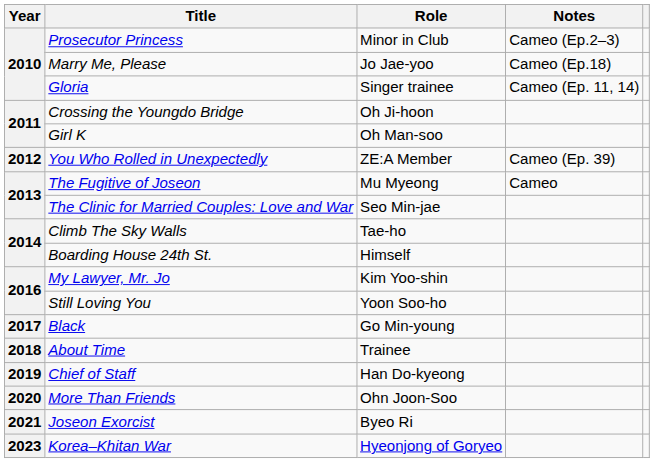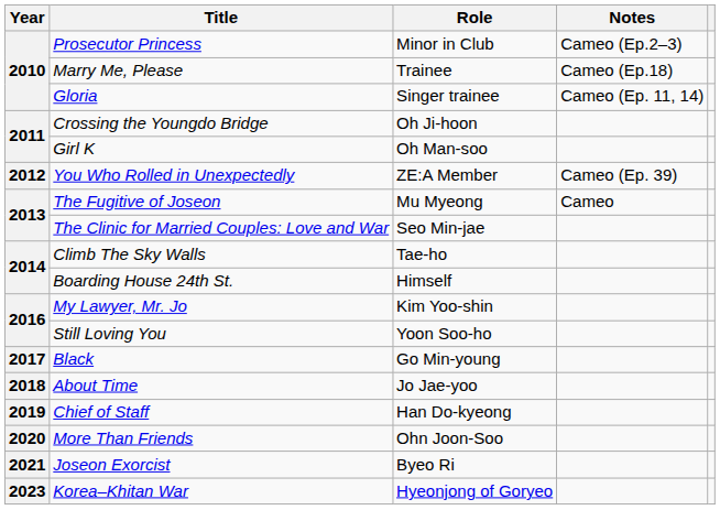 <table class="wikitable plainrowheaders sortable">
 <tr>
 <th scope="col">Year</th>
 <th scope="col">Title</th>
 <th scope="col">Role</th>
 <th scope="col">Notes</th>
 <th scope="col" class="unsortable"></th>
 </tr>
 <tr>
 <th scope="row" rowspan="3">2010</th>
 <td><em><a href='#'>Prosecutor Princess</a></em></td>
 <td>Minor in Club</td>
 <td>Cameo (Ep.2–3)</td>
 <td style="text-align:center"></td>
 </tr>
 <tr>
 <td><em>Marry Me, Please</em></td>
-<td>Jo Jae-yoo</td>
+<td>Trainee</td>
 <td>Cameo (Ep.18)</td>
 <td style="text-align:center"></td>
 </tr>
 <tr>
 <td><em><a href='#'>Gloria</a></em></td>
 <td>Singer trainee</td>
 <td>Cameo (Ep. 11, 14)</td>
 <td style="text-align:center"></td>
 </tr>
 <tr>
 <th scope="row"  rowspan="2">2011</th>
 <td><em>Crossing the Youngdo Bridge</em></td>
 <td>Oh Ji-hoon</td>
 <td></td>
 <td style="text-align:center"></td>
 </tr>
 <tr>
 <td><em>Girl K</em></td>
 <td>Oh Man-soo</td>
 <td></td>
 <td style="text-align:center"></td>
 </tr>
 <tr>
 <th scope="row">2012</th>
 <td><em><a href='#'>You Who Rolled in Unexpectedly</a></em></td>
 <td>ZE:A Member</td>
 <td>Cameo (Ep. 39)</td>
 <td style="text-align:center"></td>
 </tr>
 <tr>
 <th scope="row"  rowspan="2">2013</th>
 <td><em><a href='#'>The Fugitive of Joseon</a></em></td>
 <td>Mu Myeong</td>
 <td>Cameo</td>
 <td style="text-align:center"></td>
 </tr>
 <tr>
 <td><em><a href='#'>The Clinic for Married Couples: Love and War</a></em></td>
 <td>Seo Min-jae</td>
 <td></td>
 <td style="text-align:center"></td>
 </tr>
 <tr>
 <th scope="row" rowspan="2">2014</th>
 <td><em>Climb The Sky Walls</em></td>
 <td>Tae-ho</td>
 <td></td>
 <td style="text-align:center"></td>
 </tr>
 <tr>
 <td><em>Boarding House 24th St.</em></td>
 <td>Himself</td>
 <td></td>
 <td style="text-align:center"></td>
 </tr>
 <tr>
 <th scope="row" rowspan="2">2016</th>
 <td><em><a href='#'>My Lawyer, Mr. Jo</a></em></td>
 <td>Kim Yoo-shin</td>
 <td></td>
 <td style="text-align:center"></td>
 </tr>
 <tr>
 <td><em>Still Loving You</em></td>
 <td>Yoon Soo-ho</td>
 <td></td>
 <td style="text-align:center"></td>
 </tr>
 <tr>
 <th scope="row">2017</th>
 <td><em><a href='#'>Black</a></em></td>
 <td>Go Min-young</td>
 <td></td>
 <td style="text-align:center"></td>
 </tr>
 <tr>
 <th scope="row">2018</th>
 <td><em><a href='#'>About Time</a></em></td>
-<td>Trainee</td>
+<td>Jo Jae-yoo</td>
 <td></td>
 <td style="text-align:center"></td>
 </tr>
 <tr>
 <th scope="row">2019</th>
 <td><em><a href='#'>Chief of Staff</a></em></td>
 <td>Han Do-kyeong</td>
 <td></td>
 <td style="text-align:center"></td>
 </tr>
 <tr>
 <th scope="row">2020</th>
 <td><em><a href='#'>More Than Friends</a></em></td>
 <td>Ohn Joon-Soo</td>
 <td></td>
 <td style="text-align:center"></td>
 </tr>
 <tr>
 <th scope="row">2021</th>
 <td><em><a href='#'>Joseon Exorcist</a></em></td>
 <td>Byeo Ri</td>
 <td></td>
 <td style="text-align:center"></td>
 </tr>
 <tr>
 <th scope="row">2023</th>
 <td><em><a href='#'>Korea–Khitan War</a></em></td>
 <td><a href='#'>Hyeonjong of Goryeo</a></td>
 <td></td>
 <td style="text-align:center"></td>
 </tr>
 </table>
